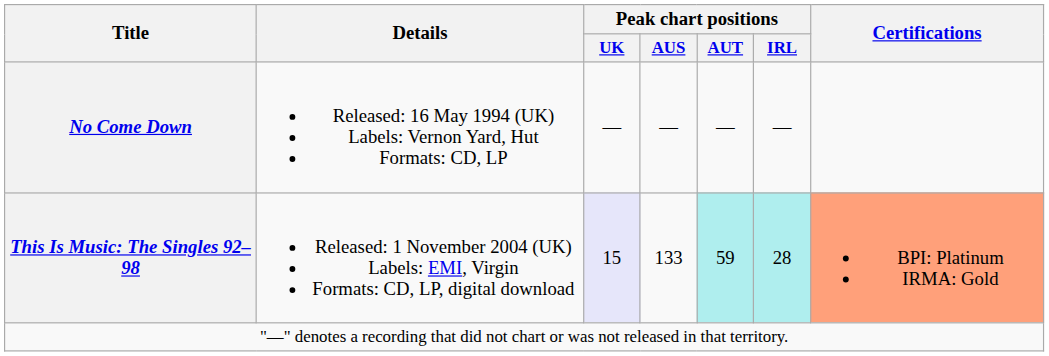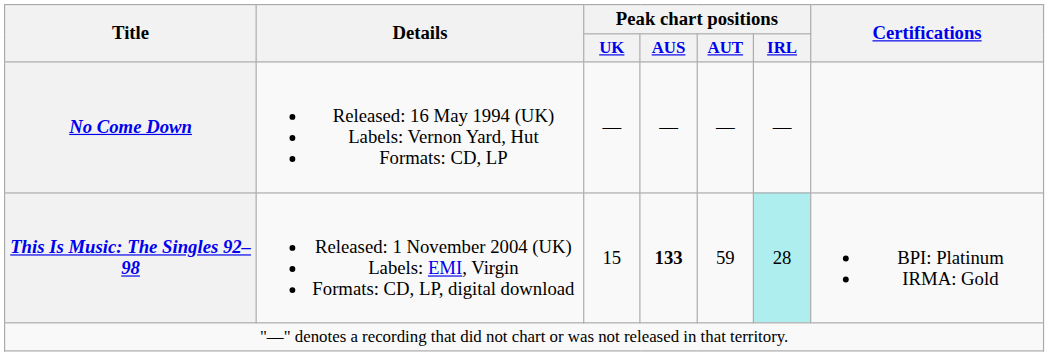 <table class="wikitable plainrowheaders" style="text-align:center;" border="1">
 <tr>
 <th scope="col" rowspan="2" style="width:13em;">Title</th>
 <th scope="col" rowspan="2" style="width:17em;">Details</th>
 <th scope="col" colspan="4">Peak chart positions</th>
 <th scope="col" rowspan="2" style="width:12em;"><a href='#'>Certifications</a></th>
 </tr>
 <tr>
 <th scope="col" style="width:2.9em;font-size:90%;"><a href='#'>UK</a><br></th>
 <th scope="col" style="width:2.9em;font-size:90%;"><a href='#'>AUS</a><br></th>
 <th scope="col" style="width:2.9em;font-size:90%;"><a href='#'>AUT</a><br></th>
 <th scope="col" style="width:2.9em;font-size:90%;"><a href='#'>IRL</a><br></th>
 </tr>
 <tr>
 <th scope="row"><em><a href='#'>No Come Down</a></em></th>
 <td><br><ul><li>Released: 16 May 1994 <span>(UK)</span></li><li>Labels: Vernon Yard, Hut</li><li>Formats: CD, LP</li></ul></td>
 <td>—</td>
 <td>—</td>
 <td>—</td>
 <td>—</td>
 <td></td>
 </tr>
 <tr>
 <th scope="row"><em><a href='#'>This Is Music: The Singles 92–98</a></em></th>
 <td><br><ul><li>Released: 1 November 2004 <span>(UK)</span></li><li>Labels: <a href='#'>EMI</a>, Virgin</li><li>Formats: CD, LP, digital download</li></ul></td>
-<td style="background: lavender;">15</td>
-<td>133</td>
-<td style="background: paleturquoise;">59</td>
+<td>15</td>
+<td><strong>133</strong></td>
+<td>59</td>
 <td style="background: paleturquoise;">28</td>
-<td style="background: lightsalmon;"><br><ul><li>BPI: Platinum</li><li>IRMA: Gold</li></ul></td>
+<td><br><ul><li>BPI: Platinum</li><li>IRMA: Gold</li></ul></td>
 </tr>
 <tr>
 <td colspan="14" style="font-size:90%">"—" denotes a recording that did not chart or was not released in that territory.</td>
 </tr>
 </table>
